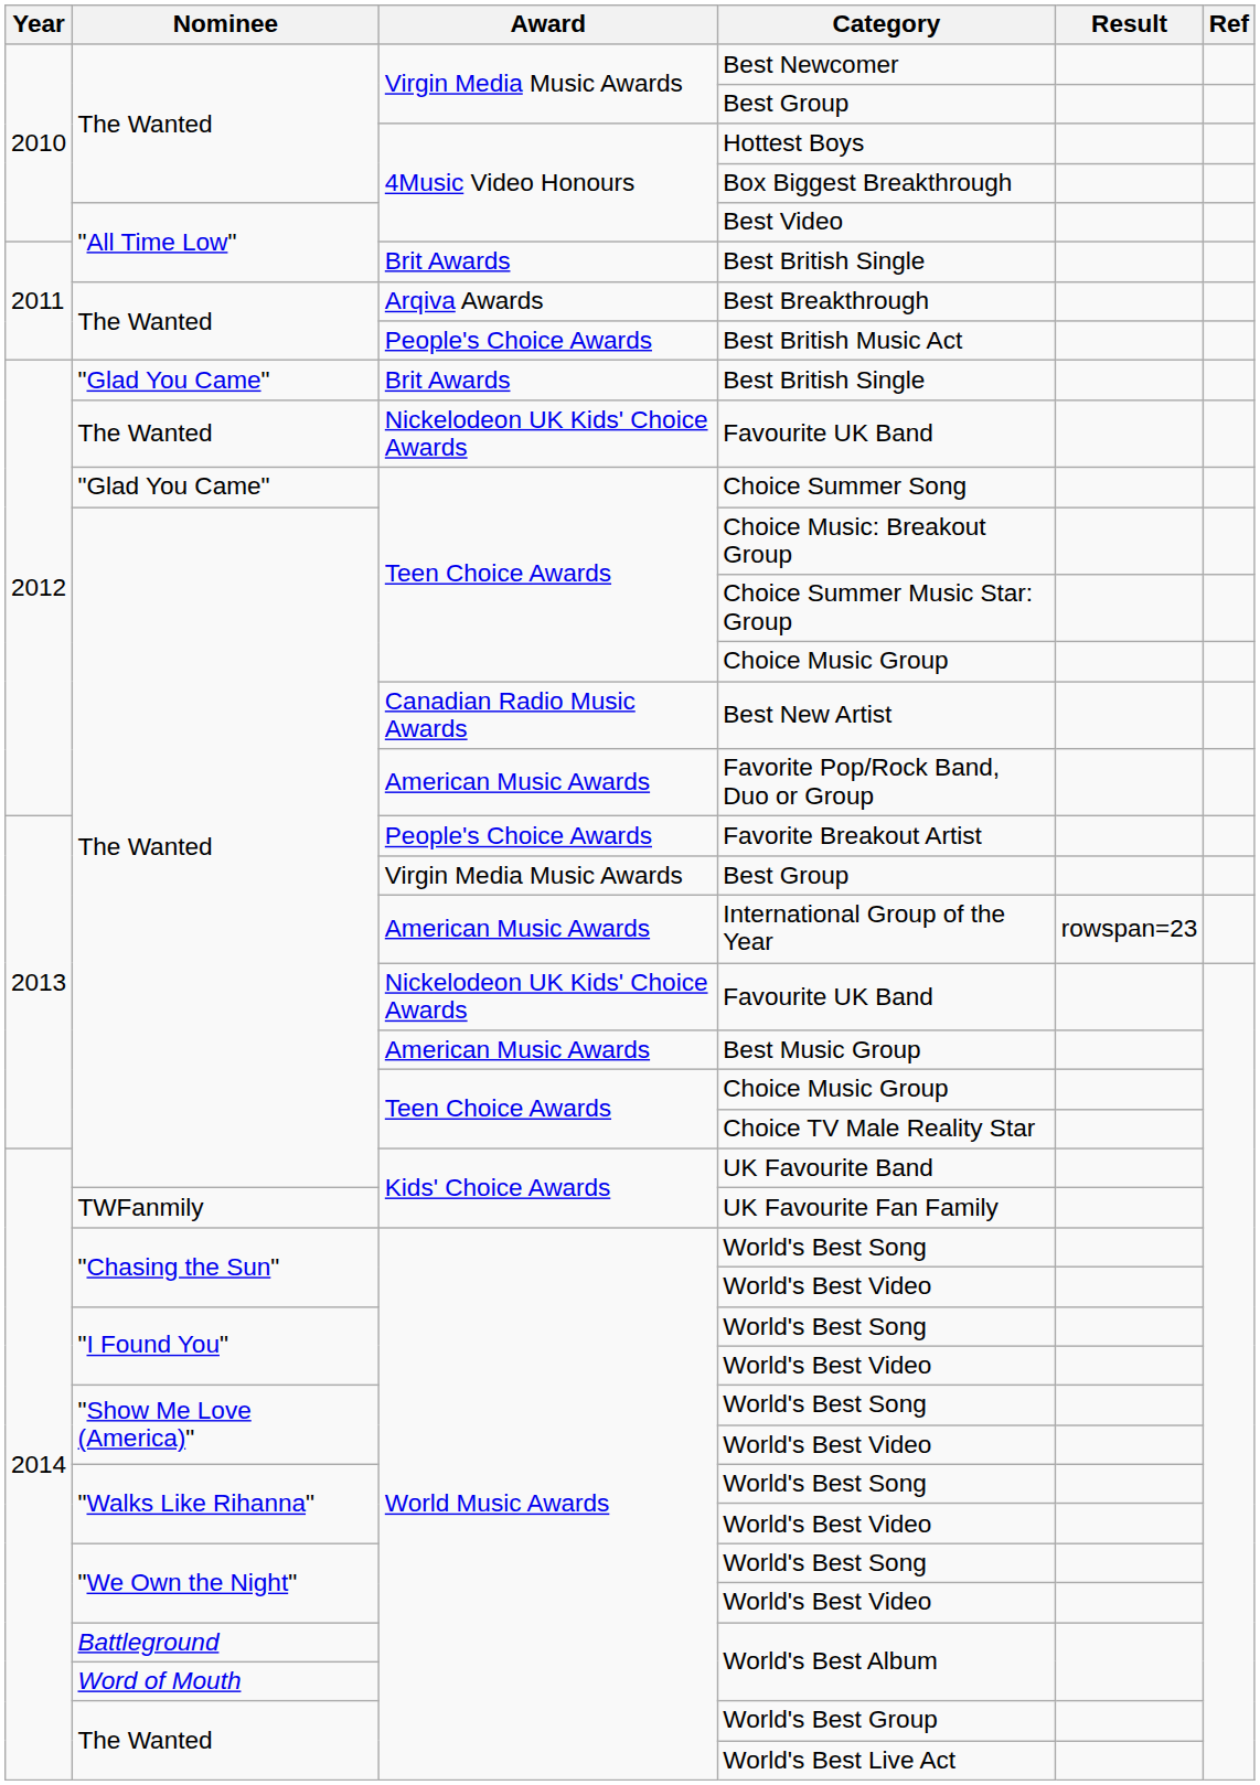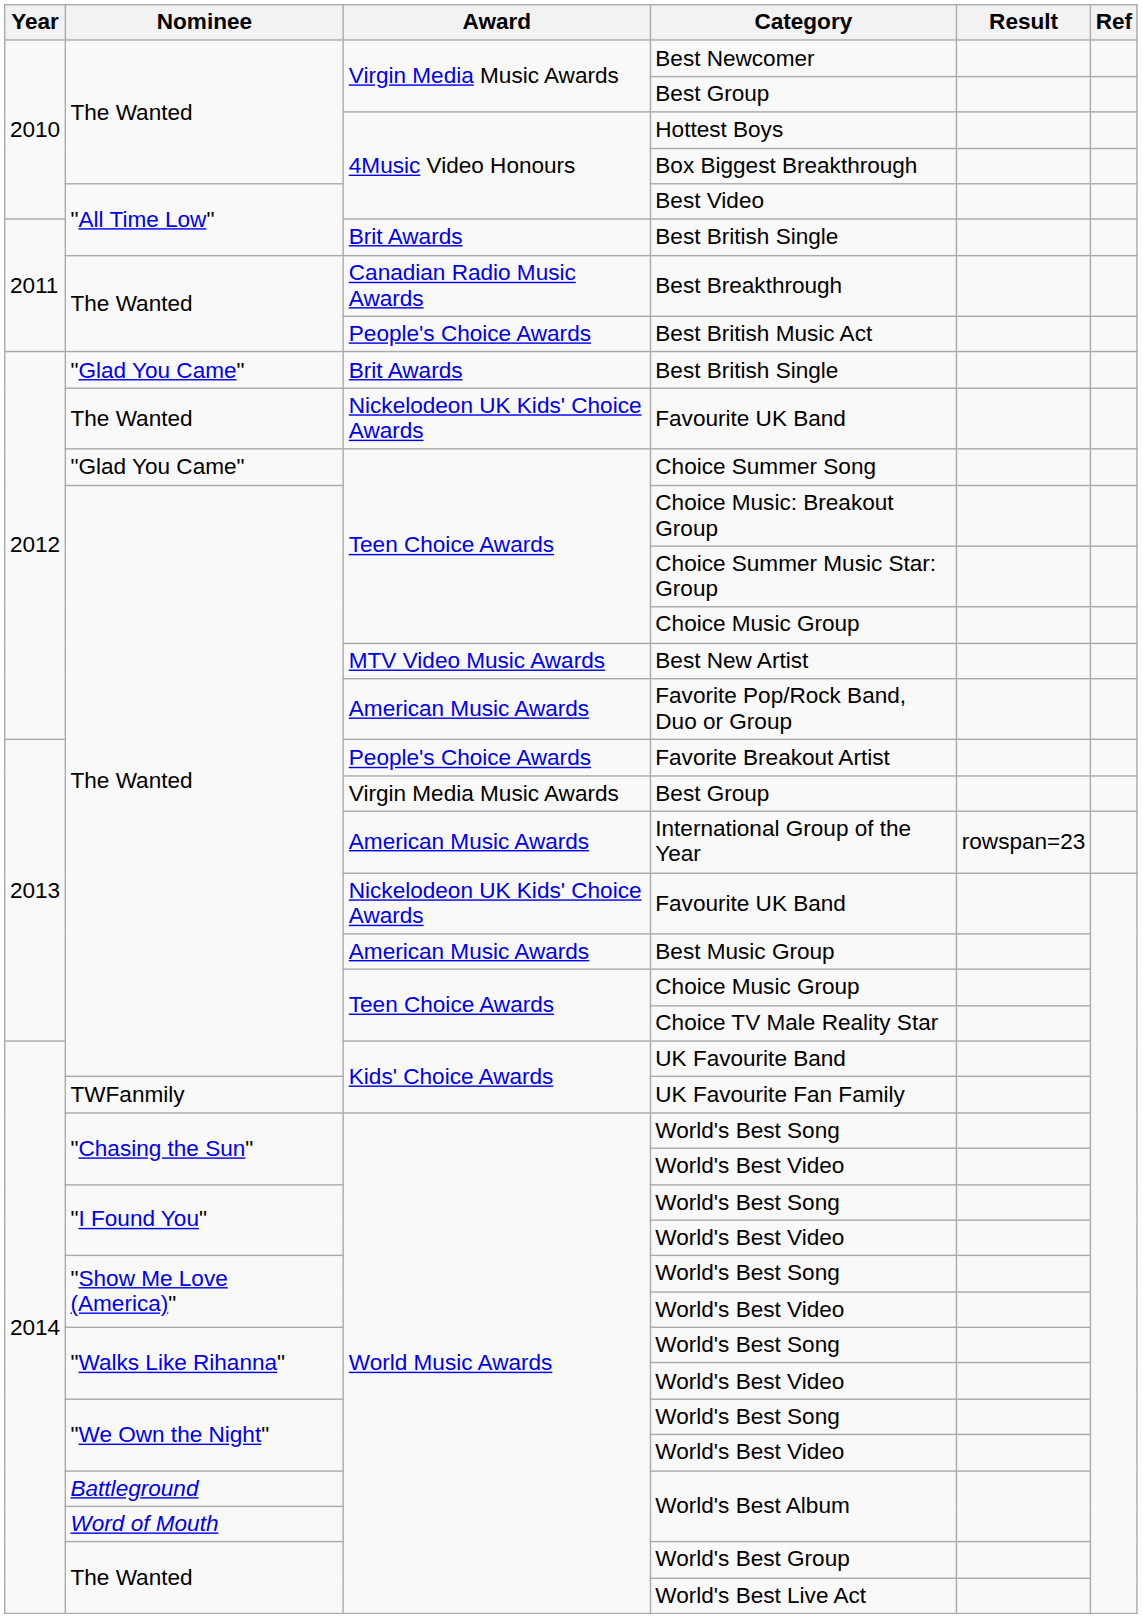 <table class="wikitable">
 <tr>
 <th>Year</th>
 <th style="width:190px;">Nominee</th>
 <th style="width:210px;">Award</th>
 <th style="width:210px;">Category</th>
 <th width="70">Result</th>
 <th>Ref</th>
 </tr>
 <tr>
 <td rowspan="5">2010</td>
 <td rowspan="4">The Wanted</td>
 <td rowspan="2"><a href='#'>Virgin Media</a> Music Awards</td>
 <td>Best Newcomer</td>
 <td></td>
 <td></td>
 </tr>
 <tr>
 <td>Best Group</td>
 <td></td>
 <td></td>
 </tr>
 <tr>
 <td rowspan="3"><a href='#'>4Music</a> Video Honours</td>
 <td>Hottest Boys</td>
 <td></td>
 <td></td>
 </tr>
 <tr>
 <td>Box Biggest Breakthrough</td>
 <td></td>
 <td></td>
 </tr>
 <tr>
 <td rowspan="2">"<a href='#'>All Time Low</a>"</td>
 <td>Best Video</td>
 <td></td>
 <td></td>
 </tr>
 <tr>
 <td rowspan="3">2011</td>
 <td><a href='#'>Brit Awards</a></td>
 <td>Best British Single</td>
 <td></td>
 <td></td>
 </tr>
 <tr>
 <td rowspan="2">The Wanted</td>
-<td><a href='#'>Arqiva</a> Awards</td>
+<td><a href='#'>Canadian Radio Music Awards</a></td>
 <td>Best Breakthrough</td>
 <td></td>
 <td></td>
 </tr>
 <tr>
 <td><a href='#'>People's Choice Awards</a></td>
 <td>Best British Music Act</td>
 <td></td>
 <td></td>
 </tr>
 <tr>
 <td rowspan="8">2012</td>
 <td>"<a href='#'>Glad You Came</a>"</td>
 <td><a href='#'>Brit Awards</a></td>
 <td>Best British Single</td>
 <td></td>
 <td></td>
 </tr>
 <tr>
 <td>The Wanted</td>
 <td><a href='#'>Nickelodeon UK Kids' Choice Awards</a></td>
 <td>Favourite UK Band</td>
 <td></td>
 <td></td>
 </tr>
 <tr>
 <td>"Glad You Came"</td>
 <td rowspan="4"><a href='#'>Teen Choice Awards</a></td>
 <td>Choice Summer Song</td>
 <td></td>
 <td></td>
 </tr>
 <tr>
 <td rowspan="13">The Wanted</td>
 <td>Choice Music: Breakout Group</td>
 <td></td>
 <td></td>
 </tr>
 <tr>
 <td>Choice Summer Music Star: Group</td>
 <td></td>
 <td></td>
 </tr>
 <tr>
 <td>Choice Music Group</td>
 <td></td>
 <td></td>
 </tr>
 <tr>
-<td><a href='#'>Canadian Radio Music Awards</a></td>
+<td><a href='#'>MTV Video Music Awards</a></td>
 <td>Best New Artist</td>
 <td></td>
 <td></td>
 </tr>
 <tr>
 <td><a href='#'>American Music Awards</a></td>
 <td>Favorite Pop/Rock Band, Duo or Group</td>
 <td></td>
 <td></td>
 </tr>
 <tr>
 <td rowspan="7">2013</td>
 <td><a href='#'>People's Choice Awards</a></td>
 <td>Favorite Breakout Artist</td>
 <td></td>
 <td></td>
 </tr>
 <tr>
 <td>Virgin Media Music Awards</td>
 <td>Best Group</td>
 <td></td>
 <td></td>
 </tr>
 <tr>
 <td><a href='#'>American Music Awards</a></td>
 <td>International Group of the Year</td>
 <td>rowspan=23 </td>
 <td></td>
 </tr>
 <tr>
 <td><a href='#'>Nickelodeon UK Kids' Choice Awards</a></td>
 <td>Favourite UK Band</td>
 <td></td>
 </tr>
 <tr>
 <td><a href='#'>American Music Awards</a></td>
 <td>Best Music Group</td>
 <td></td>
 </tr>
 <tr>
 <td rowspan="2"><a href='#'>Teen Choice Awards</a></td>
 <td>Choice Music Group</td>
 <td></td>
 </tr>
 <tr>
 <td>Choice TV Male Reality Star</td>
 <td></td>
 </tr>
 <tr>
 <td rowspan="16">2014</td>
 <td rowspan="2"><a href='#'>Kids' Choice Awards</a></td>
 <td>UK Favourite Band</td>
 <td></td>
 </tr>
 <tr>
 <td>TWFanmily</td>
 <td>UK Favourite Fan Family</td>
 <td></td>
 </tr>
 <tr>
 <td rowspan="2">"<a href='#'>Chasing the Sun</a>"</td>
 <td rowspan="14"><a href='#'>World Music Awards</a></td>
 <td>World's Best Song</td>
 <td></td>
 </tr>
 <tr>
 <td>World's Best Video</td>
 <td></td>
 </tr>
 <tr>
 <td rowspan="2">"<a href='#'>I Found You</a>"</td>
 <td>World's Best Song</td>
 <td></td>
 </tr>
 <tr>
 <td>World's Best Video</td>
 <td></td>
 </tr>
 <tr>
 <td rowspan="2">"<a href='#'>Show Me Love (America)</a>"</td>
 <td>World's Best Song</td>
 <td></td>
 </tr>
 <tr>
 <td>World's Best Video</td>
 <td></td>
 </tr>
 <tr>
 <td rowspan="2">"<a href='#'>Walks Like Rihanna</a>"</td>
 <td>World's Best Song</td>
 <td></td>
 </tr>
 <tr>
 <td>World's Best Video</td>
 <td></td>
 </tr>
 <tr>
 <td rowspan="2">"<a href='#'>We Own the Night</a>"</td>
 <td>World's Best Song</td>
 <td></td>
 </tr>
 <tr>
 <td>World's Best Video</td>
 <td></td>
 </tr>
 <tr>
 <td><em><a href='#'>Battleground</a> </em></td>
 <td rowspan="2">World's Best Album</td>
 <td rowspan="2"></td>
 </tr>
 <tr>
 <td><em><a href='#'>Word of Mouth</a></em></td>
 </tr>
 <tr>
 <td rowspan="2">The Wanted</td>
 <td>World's Best Group</td>
 <td></td>
 </tr>
 <tr>
 <td>World's Best Live Act</td>
 <td></td>
 </tr>
 </table>
